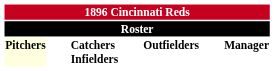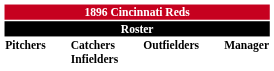 <table class="toccolours" style="font-size: 95%;">
 <tr>
 <th colspan="10" style="background-color: #c6011f; color: white; text-align: center;">1896 Cincinnati Reds</th>
 </tr>
 <tr>
 <td colspan="10" style="background-color: black; color: white; text-align: center;"><strong>Roster</strong></td>
 </tr>
 <tr>
-<td valign="top" style="background: lightyellow;"><strong>Pitchers</strong><br>        </td>
+<td valign="top"><strong>Pitchers</strong><br>        </td>
 <td width="25px"></td>
 <td valign="top"><strong>Catchers</strong><br> <strong>Infielders</strong>      </td>
 <td width="25px"></td>
 <td valign="top"><strong>Outfielders</strong><br>   </td>
 <td width="25px"></td>
 <td valign="top"><strong>Manager</strong><br></td>
 </tr>
 </table>
